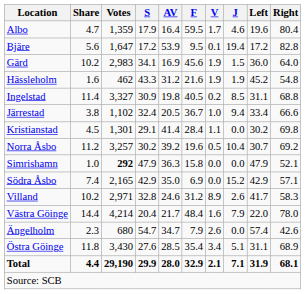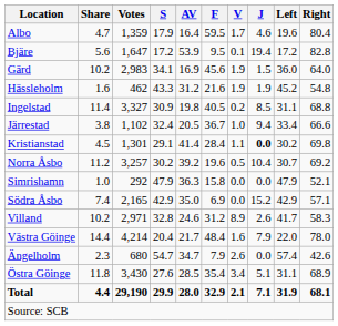 <table class="wikitable sortable" style=text-align:right>
 <tr>
 <th>Location</th>
 <th>Share</th>
 <th>Votes</th>
 <th><a href='#'>S</a></th>
 <th><a href='#'>AV</a></th>
 <th><a href='#'>F</a></th>
 <th><a href='#'>V</a></th>
 <th><a href='#'>J</a></th>
 <th>Left</th>
 <th>Right</th>
 </tr>
 <tr>
 <td align=left><a href='#'>Albo</a></td>
 <td>4.7</td>
 <td>1,359</td>
 <td>17.9</td>
 <td>16.4</td>
 <td>59.5</td>
 <td>1.7</td>
 <td>4.6</td>
 <td>19.6</td>
 <td>80.4</td>
 </tr>
 <tr>
 <td align=left><a href='#'>Bjäre</a></td>
 <td>5.6</td>
 <td>1,647</td>
 <td>17.2</td>
 <td>53.9</td>
 <td>9.5</td>
 <td>0.1</td>
 <td>19.4</td>
 <td>17.2</td>
 <td>82.8</td>
 </tr>
 <tr>
 <td align=left><a href='#'>Gärd</a></td>
 <td>10.2</td>
 <td>2,983</td>
 <td>34.1</td>
 <td>16.9</td>
 <td>45.6</td>
 <td>1.9</td>
 <td>1.5</td>
 <td>36.0</td>
 <td>64.0</td>
 </tr>
 <tr>
 <td align=left><a href='#'>Hässleholm</a></td>
 <td>1.6</td>
 <td>462</td>
 <td>43.3</td>
 <td>31.2</td>
 <td>21.6</td>
 <td>1.9</td>
 <td>1.9</td>
 <td>45.2</td>
 <td>54.8</td>
 </tr>
 <tr>
 <td align=left><a href='#'>Ingelstad</a></td>
 <td>11.4</td>
 <td>3,327</td>
 <td>30.9</td>
 <td>19.8</td>
 <td>40.5</td>
 <td>0.2</td>
 <td>8.5</td>
 <td>31.1</td>
 <td>68.8</td>
 </tr>
 <tr>
 <td align=left><a href='#'>Järrestad</a></td>
 <td>3.8</td>
 <td>1,102</td>
 <td>32.4</td>
 <td>20.5</td>
 <td>36.7</td>
 <td>1.0</td>
 <td>9.4</td>
 <td>33.4</td>
 <td>66.6</td>
 </tr>
 <tr>
 <td align=left><a href='#'>Kristianstad</a></td>
 <td>4.5</td>
 <td>1,301</td>
 <td>29.1</td>
 <td>41.4</td>
 <td>28.4</td>
 <td>1.1</td>
-<td>0.0</td>
+<td><strong>0.0</strong></td>
 <td>30.2</td>
 <td>69.8</td>
 </tr>
 <tr>
 <td align=left><a href='#'>Norra Åsbo</a></td>
 <td>11.2</td>
 <td>3,257</td>
 <td>30.2</td>
 <td>39.2</td>
 <td>19.6</td>
 <td>0.5</td>
 <td>10.4</td>
 <td>30.7</td>
 <td>69.2</td>
 </tr>
 <tr>
 <td align=left><a href='#'>Simrishamn</a></td>
 <td>1.0</td>
-<td><strong>292</strong></td>
+<td>292</td>
 <td>47.9</td>
 <td>36.3</td>
 <td>15.8</td>
 <td>0.0</td>
 <td>0.0</td>
 <td>47.9</td>
 <td>52.1</td>
 </tr>
 <tr>
 <td align=left><a href='#'>Södra Åsbo</a></td>
 <td>7.4</td>
 <td>2,165</td>
 <td>42.9</td>
 <td>35.0</td>
 <td>6.9</td>
 <td>0.0</td>
 <td>15.2</td>
 <td>42.9</td>
 <td>57.1</td>
 </tr>
 <tr>
 <td align=left><a href='#'>Villand</a></td>
 <td>10.2</td>
 <td>2,971</td>
 <td>32.8</td>
 <td>24.6</td>
 <td>31.2</td>
 <td>8.9</td>
 <td>2.6</td>
 <td>41.7</td>
 <td>58.3</td>
 </tr>
 <tr>
 <td align=left><a href='#'>Västra Göinge</a></td>
 <td>14.4</td>
 <td>4,214</td>
 <td>20.4</td>
 <td>21.7</td>
 <td>48.4</td>
 <td>1.6</td>
 <td>7.9</td>
 <td>22.0</td>
 <td>78.0</td>
 </tr>
 <tr>
 <td align=left><a href='#'>Ängelholm</a></td>
 <td>2.3</td>
 <td>680</td>
 <td>54.7</td>
 <td>34.7</td>
 <td>7.9</td>
 <td>2.6</td>
 <td>0.0</td>
 <td>57.4</td>
 <td>42.6</td>
 </tr>
 <tr>
 <td align=left><a href='#'>Östra Göinge</a></td>
 <td>11.8</td>
 <td>3,430</td>
 <td>27.6</td>
 <td>28.5</td>
 <td>35.4</td>
 <td>3.4</td>
 <td>5.1</td>
 <td>31.1</td>
 <td>68.9</td>
 </tr>
 <tr>
 <td align=left><strong>Total</strong></td>
 <td><strong>4.4</strong></td>
 <td><strong>29,190</strong></td>
 <td><strong>29.9</strong></td>
 <td><strong>28.0</strong></td>
 <td><strong>32.9</strong></td>
 <td><strong>2.1</strong></td>
 <td><strong>7.1</strong></td>
 <td><strong>31.9</strong></td>
 <td><strong>68.1</strong></td>
 </tr>
 <tr>
 <td align=left colspan=10>Source: SCB </td>
 </tr>
 </table>
